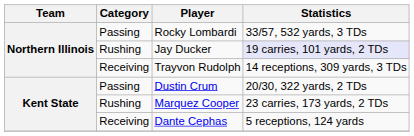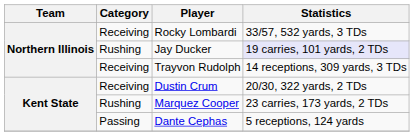 <table class="wikitable" style="float: left;">
 <tr>
 <th>Team</th>
 <th>Category</th>
 <th>Player</th>
 <th>Statistics</th>
 </tr>
 <tr>
 <th rowspan=3>Northern Illinois</th>
-<td>Passing</td>
+<td>Receiving</td>
 <td>Rocky Lombardi</td>
 <td>33/57, 532 yards, 3 TDs</td>
 </tr>
 <tr>
 <td>Rushing</td>
 <td>Jay Ducker</td>
 <td style="background: lavender;">19 carries, 101 yards, 2 TDs</td>
 </tr>
 <tr>
 <td>Receiving</td>
 <td>Trayvon Rudolph</td>
 <td>14 receptions, 309 yards, 3 TDs</td>
 </tr>
 <tr>
 <th rowspan=3 style=>Kent State</th>
-<td>Passing</td>
+<td>Receiving</td>
 <td><a href='#'>Dustin Crum</a></td>
 <td>20/30, 322 yards, 2 TDs</td>
 </tr>
 <tr>
 <td>Rushing</td>
 <td><a href='#'>Marquez Cooper</a></td>
 <td>23 carries, 173 yards, 2 TDs</td>
 </tr>
 <tr>
-<td>Receiving</td>
+<td>Passing</td>
 <td><a href='#'>Dante Cephas</a></td>
 <td>5 receptions, 124 yards</td>
 </tr>
 <tr>
 </tr>
 </table>
